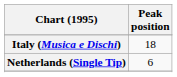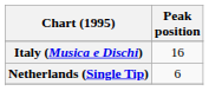 <table class="wikitable plainrowheaders sortable" style="text-align:center">
 <tr>
 <th>Chart (1995)</th>
 <th>Peak<br>position</th>
 </tr>
 <tr>
 </tr>
 <tr>
 </tr>
 <tr>
 </tr>
 <tr>
 <th scope="row">Italy (<em><a href='#'>Musica e Dischi</a></em>)</th>
-<td>18</td>
+<td>16</td>
 </tr>
 <tr>
 <th scope="row">Netherlands (<a href='#'>Single Tip</a>)</th>
 <td>6</td>
 </tr>
 <tr>
 </tr>
 <tr>
 </tr>
 <tr>
 </tr>
 </table>
